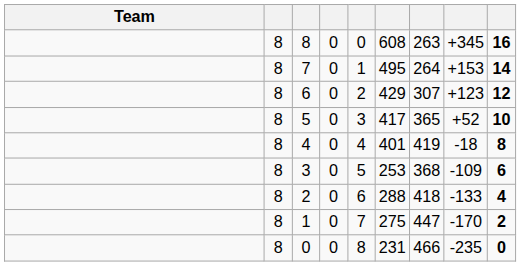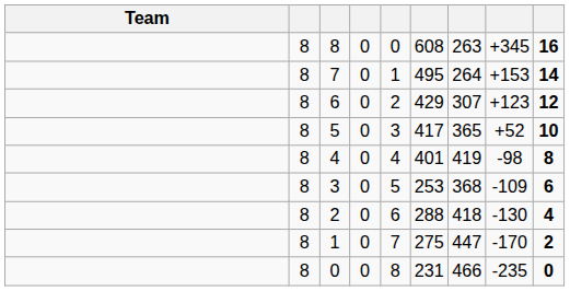 <table class=wikitable style="text-align:center">
 <tr>
 <th width=250>Team</th>
 <th width=20 abbr=Played></th>
 <th width=20 abbr=Won></th>
 <th width=20 abbr=Drawn></th>
 <th width=20 abbr=Lost></th>
 <th width=20 abbr=Goal For></th>
 <th width=20 abbr=Goal Against></th>
 <th width=20 abbr=Goal Difference></th>
 <th width=20 abbr=Points></th>
 </tr>
 <tr>
 <td style="text-align:left;"></td>
 <td>8</td>
 <td>8</td>
 <td>0</td>
 <td>0</td>
 <td>608</td>
 <td>263</td>
 <td>+345</td>
 <td><strong>16</strong></td>
 </tr>
 <tr>
 <td style="text-align:left;"></td>
 <td>8</td>
 <td>7</td>
 <td>0</td>
 <td>1</td>
 <td>495</td>
 <td>264</td>
 <td>+153</td>
 <td><strong>14</strong></td>
 </tr>
 <tr>
 <td style="text-align:left;"></td>
 <td>8</td>
 <td>6</td>
 <td>0</td>
 <td>2</td>
 <td>429</td>
 <td>307</td>
 <td>+123</td>
 <td><strong>12</strong></td>
 </tr>
 <tr>
 <td style="text-align:left;"></td>
 <td>8</td>
 <td>5</td>
 <td>0</td>
 <td>3</td>
 <td>417</td>
 <td>365</td>
 <td>+52</td>
 <td><strong>10</strong></td>
 </tr>
 <tr>
 <td style="text-align:left;"></td>
 <td>8</td>
 <td>4</td>
 <td>0</td>
 <td>4</td>
 <td>401</td>
 <td>419</td>
-<td>-18</td>
+<td>-98</td>
 <td><strong>8</strong></td>
 </tr>
 <tr>
 <td style="text-align:left;"></td>
 <td>8</td>
 <td>3</td>
 <td>0</td>
 <td>5</td>
 <td>253</td>
 <td>368</td>
 <td>-109</td>
 <td><strong>6</strong></td>
 </tr>
 <tr>
 <td style="text-align:left;"></td>
 <td>8</td>
 <td>2</td>
 <td>0</td>
 <td>6</td>
 <td>288</td>
 <td>418</td>
-<td>-133</td>
+<td>-130</td>
 <td><strong>4</strong></td>
 </tr>
 <tr>
 <td style="text-align:left;"></td>
 <td>8</td>
 <td>1</td>
 <td>0</td>
 <td>7</td>
 <td>275</td>
 <td>447</td>
 <td>-170</td>
 <td><strong>2</strong></td>
 </tr>
 <tr>
 <td style="text-align:left;"></td>
 <td>8</td>
 <td>0</td>
 <td>0</td>
 <td>8</td>
 <td>231</td>
 <td>466</td>
 <td>-235</td>
 <td><strong>0</strong></td>
 </tr>
 </table>
